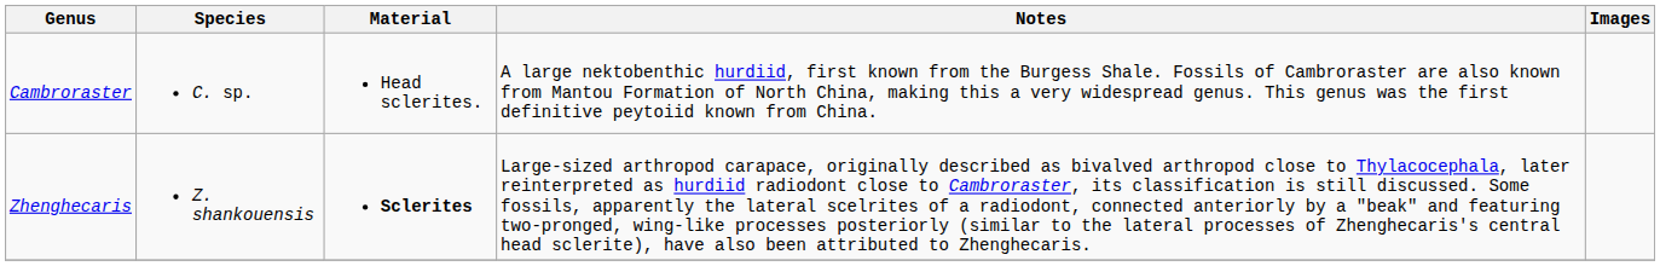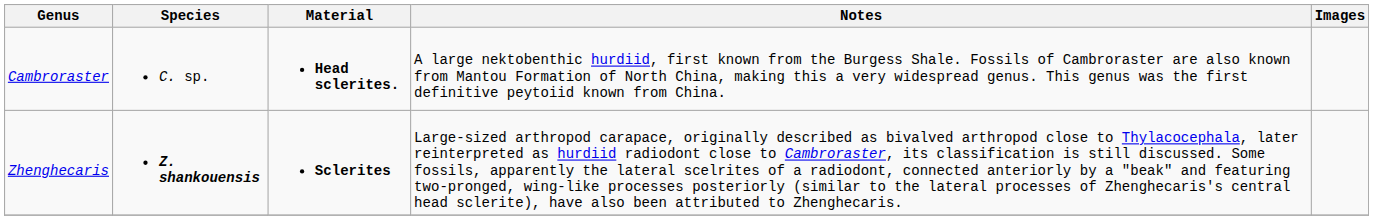 <table class="wikitable" style="margin:auto;width:100%;">
 <tr>
 <th>Genus</th>
 <th>Species</th>
 <th>Material</th>
 <th>Notes</th>
 <th>Images</th>
 </tr>
 <tr>
 <td><br><em><a href='#'>Cambroraster</a></em></td>
 <td><br><ul><li><em>C.</em> sp.</li></ul></td>
-<td><br><ul><li>Head sclerites.</li></ul></td>
+<td><strong><br><ul><li>Head sclerites.</li></ul></strong></td>
 <td><br>A large nektobenthic <a href='#'>hurdiid</a>, first known from the Burgess Shale. Fossils of Cambroraster are also known from Mantou Formation of North China, making this a very widespread genus. This genus was the first definitive peytoiid known from China.</td>
 <td></td>
 </tr>
 <tr>
 <td><br><em><a href='#'>Zhenghecaris</a></em></td>
-<td><br><ul><li><em>Z. shankouensis</em></li></ul></td>
+<td><strong><br><ul><li><em>Z. shankouensis</em></li></ul></strong></td>
 <td><strong><br><ul><li>Sclerites</li></ul></strong></td>
 <td><br>Large-sized arthropod carapace, originally described as bivalved arthropod close to <a href='#'>Thylacocephala</a>, later reinterpreted as <a href='#'>hurdiid</a> radiodont close to <em><a href='#'>Cambroraster</a></em>, its classification is still discussed. Some fossils, apparently the lateral scelrites of a radiodont, connected anteriorly by a "beak" and featuring two-pronged, wing-like processes posteriorly (similar to the lateral processes of Zhenghecaris's central head sclerite), have also been attributed to Zhenghecaris.</td>
 <td></td>
 </tr>
 <tr>
 </tr>
 </table>
